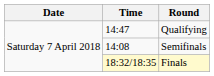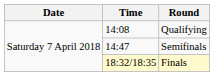 <table class="wikitable">
 <tr>
 <th>Date</th>
 <th>Time</th>
 <th>Round</th>
 </tr>
 <tr>
 <td rowspan=5>Saturday 7 April 2018</td>
-<td>14:47</td>
+<td>14:08</td>
 <td>Qualifying</td>
 </tr>
 <tr>
-<td>14:08</td>
+<td>14:47</td>
 <td>Semifinals</td>
 </tr>
 <tr>
 <td style=background:lemonchiffon>18:32/18:35</td>
 <td style=background:lemonchiffon>Finals</td>
 </tr>
 </table>
